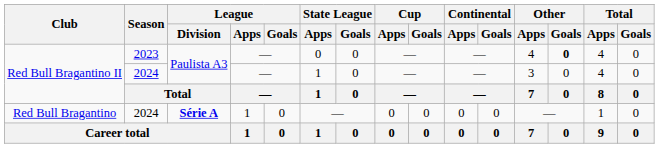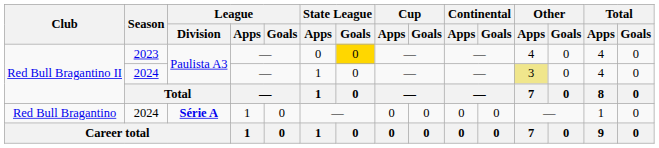 <table class="wikitable" style="text-align: center">
 <tr>
 <th rowspan="2">Club</th>
 <th rowspan="2">Season</th>
 <th colspan="3">League</th>
 <th colspan="2">State League</th>
 <th colspan="2">Cup</th>
 <th colspan="2">Continental</th>
 <th colspan="2">Other</th>
 <th colspan="2">Total</th>
 </tr>
 <tr>
 <th>Division</th>
 <th>Apps</th>
 <th>Goals</th>
 <th>Apps</th>
 <th>Goals</th>
 <th>Apps</th>
 <th>Goals</th>
 <th>Apps</th>
 <th>Goals</th>
 <th>Apps</th>
 <th>Goals</th>
 <th>Apps</th>
 <th>Goals</th>
 </tr>
 <tr>
 <td rowspan="3"><a href='#'>Red Bull Bragantino II</a></td>
 <td><a href='#'>2023</a></td>
 <td rowspan="2"><a href='#'>Paulista A3</a></td>
 <td colspan="2">—</td>
 <td>0</td>
-<td>0</td>
+<td style="background: gold;">0</td>
 <td colspan="2">—</td>
 <td colspan="2">—</td>
 <td>4</td>
-<td><strong>0</strong></td>
+<td>0</td>
 <td>4</td>
 <td>0</td>
 </tr>
 <tr>
 <td><a href='#'>2024</a></td>
 <td colspan="2">—</td>
 <td>1</td>
 <td>0</td>
 <td colspan="2">—</td>
 <td colspan="2">—</td>
-<td>3</td>
+<td style="background: khaki;">3</td>
 <td>0</td>
 <td>4</td>
 <td>0</td>
 </tr>
 <tr>
 <th colspan="2">Total</th>
 <th colspan="2">—</th>
 <th>1</th>
 <th>0</th>
 <th colspan="2">—</th>
 <th colspan="2">—</th>
 <th>7</th>
 <th>0</th>
 <th>8</th>
 <th>0</th>
 </tr>
 <tr>
 <td><a href='#'>Red Bull Bragantino</a></td>
 <td>2024</td>
 <td><strong><a href='#'>Série A</a></strong></td>
 <td>1</td>
 <td>0</td>
 <td colspan="2">—</td>
 <td>0</td>
 <td>0</td>
 <td>0</td>
 <td>0</td>
 <td colspan="2">—</td>
 <td>1</td>
 <td>0</td>
 </tr>
 <tr>
 <th colspan="3"><strong>Career total</strong></th>
 <th>1</th>
 <th>0</th>
 <th>1</th>
 <th>0</th>
 <th>0</th>
 <th>0</th>
 <th>0</th>
 <th>0</th>
 <th>7</th>
 <th>0</th>
 <th>9</th>
 <th>0</th>
 </tr>
 </table>
